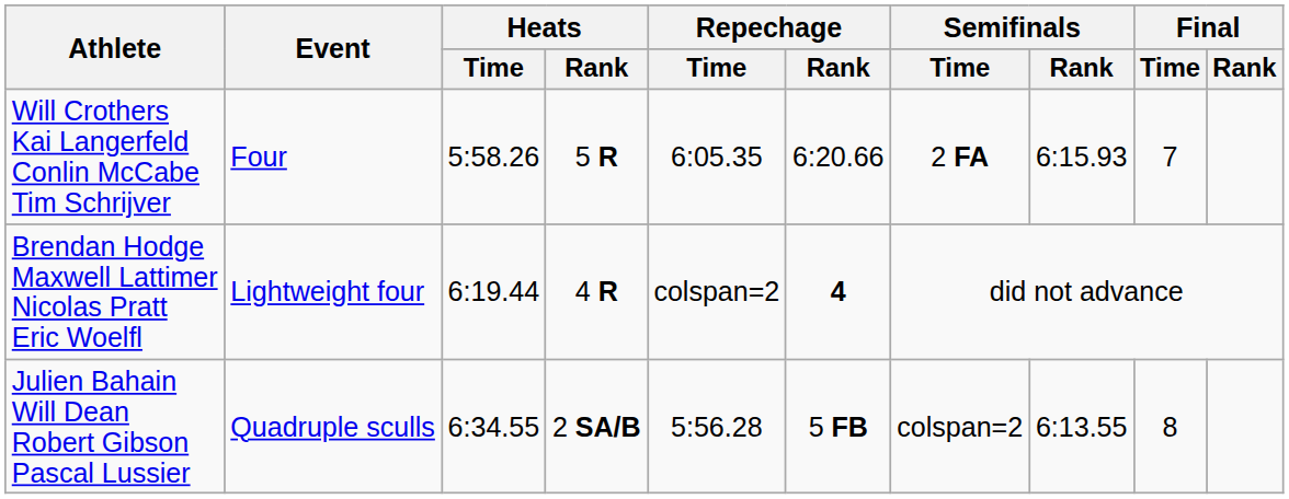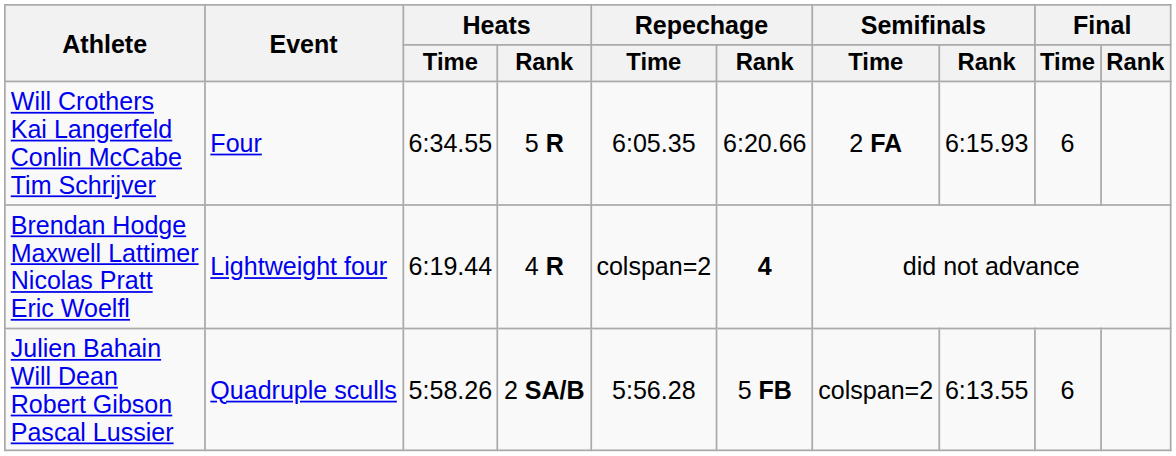 <table class="wikitable" style="font-size:90%">
 <tr>
 <th rowspan="2">Athlete</th>
 <th rowspan="2">Event</th>
 <th colspan="2">Heats</th>
 <th colspan="2">Repechage</th>
 <th colspan="2">Semifinals</th>
 <th colspan="2">Final</th>
 </tr>
 <tr style="font-size:95%">
 <th>Time</th>
 <th>Rank</th>
 <th>Time</th>
 <th>Rank</th>
 <th>Time</th>
 <th>Rank</th>
 <th>Time</th>
 <th>Rank</th>
 </tr>
 <tr align=center>
 <td align=left><a href='#'>Will Crothers</a><br><a href='#'>Kai Langerfeld</a><br><a href='#'>Conlin McCabe</a><br><a href='#'>Tim Schrijver</a></td>
 <td align=left><a href='#'>Four</a></td>
-<td>5:58.26</td>
+<td>6:34.55</td>
 <td>5 <strong>R</strong></td>
 <td>6:05.35</td>
 <td>6:20.66</td>
 <td>2 <strong>FA</strong></td>
 <td>6:15.93</td>
-<td>7</td>
+<td>6</td>
 </tr>
 <tr align=center>
 <td align=left><a href='#'>Brendan Hodge</a><br><a href='#'>Maxwell Lattimer</a><br><a href='#'>Nicolas Pratt</a><br><a href='#'>Eric Woelfl</a></td>
 <td align=left><a href='#'>Lightweight four</a></td>
 <td>6:19.44</td>
 <td>4 <strong>R</strong></td>
 <td>colspan=2 </td>
 <td><strong>4</strong></td>
 <td colspan=4>did not advance</td>
 </tr>
 <tr align=center>
 <td align=left><a href='#'>Julien Bahain</a><br><a href='#'>Will Dean</a><br><a href='#'>Robert Gibson</a><br><a href='#'>Pascal Lussier</a></td>
 <td align=left><a href='#'>Quadruple sculls</a></td>
-<td>6:34.55</td>
+<td>5:58.26</td>
 <td>2 <strong>SA/B</strong></td>
 <td>5:56.28</td>
 <td>5 <strong>FB</strong></td>
 <td>colspan=2 </td>
 <td>6:13.55</td>
-<td>8</td>
+<td>6</td>
 </tr>
 </table>
